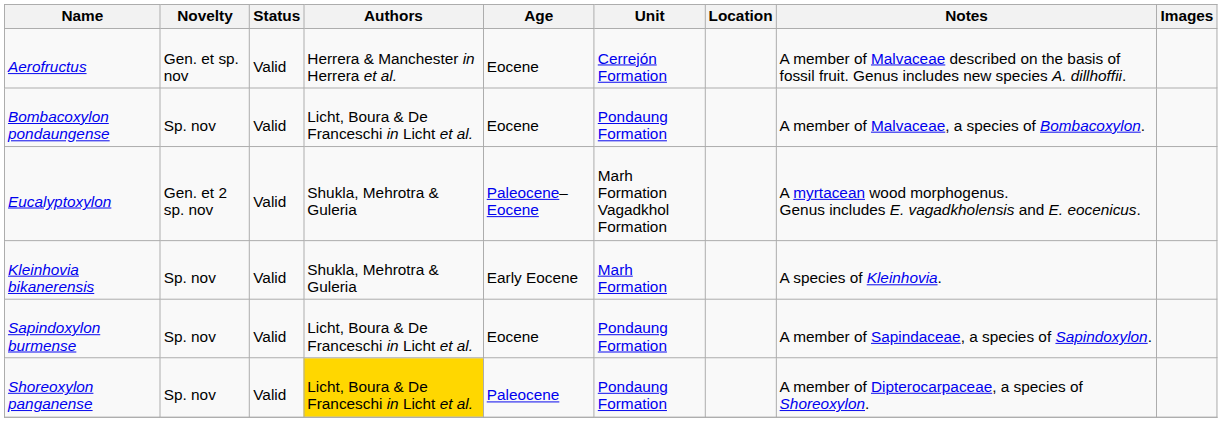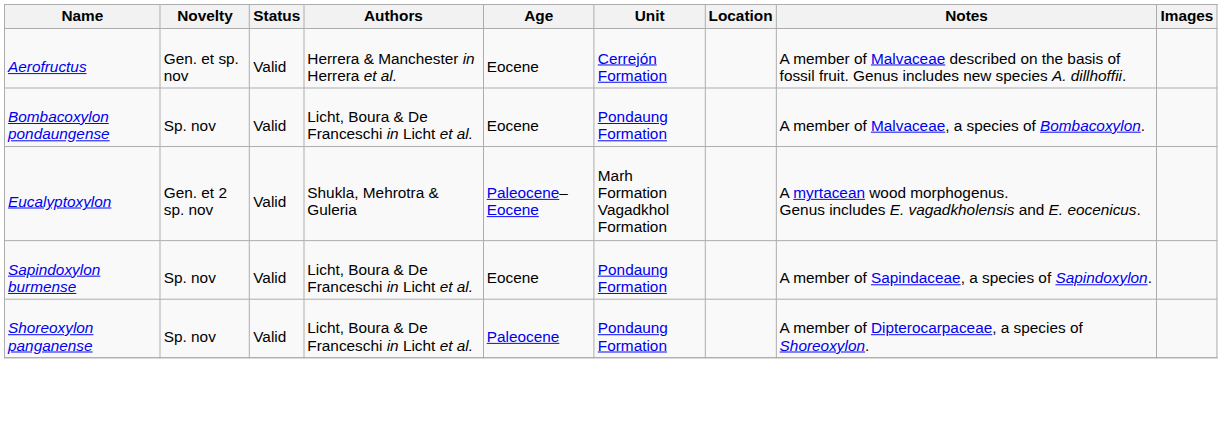 <table class="wikitable sortable" align="center" width="100%">
 <tr>
 <th>Name</th>
 <th>Novelty</th>
 <th>Status</th>
 <th>Authors</th>
 <th>Age</th>
 <th>Unit</th>
 <th>Location</th>
 <th>Notes</th>
 <th>Images</th>
 </tr>
 <tr>
 <td><br><em><a href='#'>Aerofructus</a></em></td>
 <td><br>Gen. et sp. nov</td>
 <td><br>Valid</td>
 <td><br>Herrera & Manchester <em>in</em> Herrera <em>et al.</em></td>
 <td><br>Eocene</td>
 <td><br><a href='#'>Cerrejón Formation</a></td>
 <td><br></td>
 <td><br>A member of <a href='#'>Malvaceae</a> described on the basis of fossil fruit. Genus includes new species <em>A. dillhoffii</em>.</td>
 <td></td>
 </tr>
 <tr>
 <td><br><em><a href='#'>Bombacoxylon pondaungense</a></em></td>
 <td><br>Sp. nov</td>
 <td><br>Valid</td>
 <td><br>Licht, Boura & De Franceschi <em>in</em> Licht <em>et al.</em></td>
 <td><br>Eocene</td>
 <td><br><a href='#'>Pondaung Formation</a></td>
 <td><br></td>
 <td><br>A member of <a href='#'>Malvaceae</a>, a species of <em><a href='#'>Bombacoxylon</a></em>.</td>
 <td></td>
 </tr>
 <tr>
 <td><br><em><a href='#'>Eucalyptoxylon</a></em></td>
 <td><br>Gen. et 2 sp. nov</td>
 <td><br>Valid</td>
 <td><br>Shukla, Mehrotra & Guleria</td>
 <td><br><a href='#'>Paleocene</a>–<a href='#'>Eocene</a></td>
 <td><br>Marh Formation<br> Vagadkhol Formation</td>
 <td><br></td>
 <td><br>A <a href='#'>myrtacean</a> wood morphogenus.<br> Genus includes <em>E. vagadkholensis</em> and <em>E. eocenicus</em>.</td>
 <td></td>
 </tr>
 <tr>
-<td><br><em><a href='#'>Kleinhovia bikanerensis</a></em></td>
-<td><br>Sp. nov</td>
-<td><br>Valid</td>
-<td><br>Shukla, Mehrotra & Guleria</td>
-<td><br>Early Eocene</td>
-<td><br><a href='#'>Marh Formation</a></td>
-<td><br></td>
-<td><br>A species of <em><a href='#'>Kleinhovia</a></em>.</td>
-<td></td>
-</tr>
-<tr>
 <td><br><em><a href='#'>Sapindoxylon burmense</a></em></td>
 <td><br>Sp. nov</td>
 <td><br>Valid</td>
 <td><br>Licht, Boura & De Franceschi <em>in</em> Licht <em>et al.</em></td>
 <td><br>Eocene</td>
 <td><br><a href='#'>Pondaung Formation</a></td>
 <td><br></td>
 <td><br>A member of <a href='#'>Sapindaceae</a>, a species of <em><a href='#'>Sapindoxylon</a></em>.</td>
 <td></td>
 </tr>
 <tr>
 <td><br><em><a href='#'>Shoreoxylon panganense</a></em></td>
 <td><br>Sp. nov</td>
 <td><br>Valid</td>
-<td style="background: gold;"><br>Licht, Boura & De Franceschi <em>in</em> Licht <em>et al.</em></td>
+<td><br>Licht, Boura & De Franceschi <em>in</em> Licht <em>et al.</em></td>
 <td><br><a href='#'>Paleocene</a></td>
 <td><br><a href='#'>Pondaung Formation</a></td>
 <td><br></td>
 <td><br>A member of <a href='#'>Dipterocarpaceae</a>, a species of <em><a href='#'>Shoreoxylon</a></em>.</td>
 <td></td>
 </tr>
 <tr>
 </tr>
 </table>
